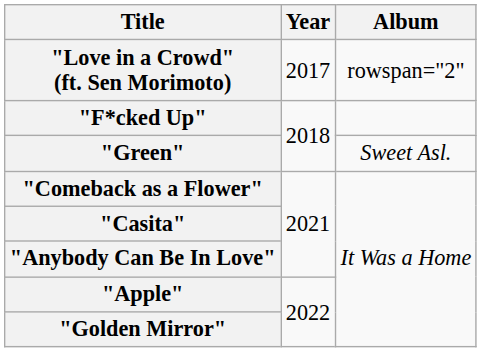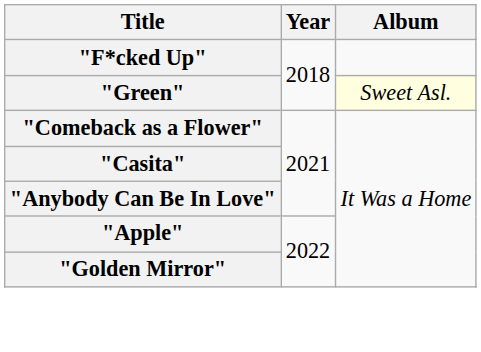 <table class="wikitable plainrowheaders" style="text-align:center;">
 <tr>
 <th scope="col" class="unsortable">Title</th>
 <th scope="col" class="unsortable">Year</th>
 <th scope="col" class="unsortable">Album</th>
 </tr>
 <tr>
-<th scope="row">"Love in a Crowd" <br><span>(ft. Sen Morimoto)</span></th>
-<td>2017</td>
-<td>rowspan="2" </td>
-</tr>
-<tr>
 <th scope="row">"F*cked Up"</th>
 <td rowspan="2">2018</td>
 </tr>
 <tr>
 <th scope="row">"Green"</th>
-<td><em>Sweet Asl.</em></td>
+<td style="background: lightyellow;"><em>Sweet Asl.</em></td>
 </tr>
 <tr>
 <th scope="row">"Comeback as a Flower"</th>
 <td rowspan="3">2021</td>
 <td rowspan="5"><em>It Was a Home</em></td>
 </tr>
 <tr>
 <th scope="row">"Casita"</th>
 </tr>
 <tr>
 <th scope="row">"Anybody Can Be In Love"</th>
 </tr>
 <tr>
 <th scope="row">"Apple"</th>
 <td rowspan="2">2022</td>
 </tr>
 <tr>
 <th scope="row">"Golden Mirror"</th>
 </tr>
 </table>
